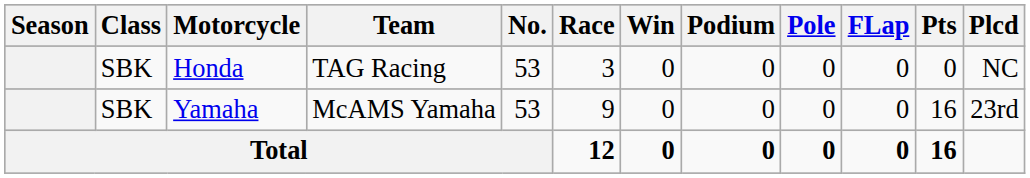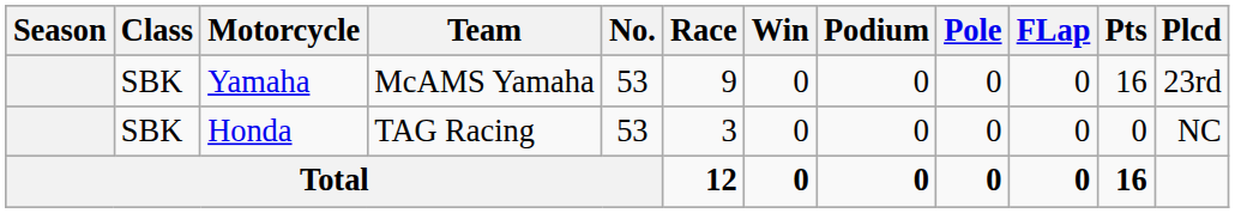 <table class="wikitable" style="text-align:right;">
 <tr>
 <th>Season</th>
 <th>Class</th>
 <th>Motorcycle</th>
 <th>Team</th>
 <th>No.</th>
 <th>Race</th>
 <th>Win</th>
 <th>Podium</th>
 <th><a href='#'>Pole</a></th>
 <th><a href='#'>FLap</a></th>
 <th>Pts</th>
 <th>Plcd</th>
 </tr>
 <tr>
 <th></th>
 <td style="text-align:left;">SBK</td>
+<td style="text-align:left;"><a href='#'>Yamaha</a></td>
+<td style="text-align:left;">McAMS Yamaha</td>
+<td style="text-align:center;">53</td>
+<td>9</td>
+<td>0</td>
+<td>0</td>
+<td>0</td>
+<td>0</td>
+<td>16</td>
+<td>23rd</td>
+</tr>
+<tr>
+<th></th>
+<td style="text-align:left;">SBK</td>
 <td style="text-align:left;"><a href='#'>Honda</a></td>
 <td style="text-align:left;">TAG Racing</td>
 <td style="text-align:center;">53</td>
 <td>3</td>
 <td>0</td>
 <td>0</td>
 <td>0</td>
 <td>0</td>
 <td>0</td>
 <td>NC</td>
 </tr>
 <tr>
-<th></th>
-<td style="text-align:left;">SBK</td>
-<td style="text-align:left;"><a href='#'>Yamaha</a></td>
-<td style="text-align:left;">McAMS Yamaha</td>
-<td style="text-align:center;">53</td>
-<td>9</td>
-<td>0</td>
-<td>0</td>
-<td>0</td>
-<td>0</td>
-<td>16</td>
-<td>23rd</td>
-</tr>
-<tr>
 <th colspan="5">Total</th>
 <td><strong>12</strong></td>
 <td><strong>0</strong></td>
 <td><strong>0</strong></td>
 <td><strong>0</strong></td>
 <td><strong>0</strong></td>
 <td><strong>16</strong></td>
 <td></td>
 </tr>
 </table>
